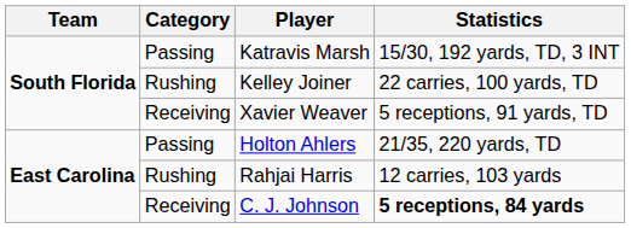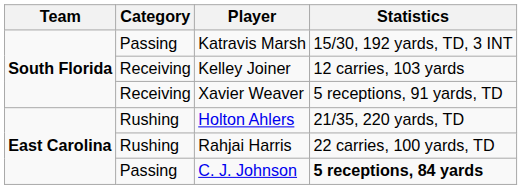 <table class="wikitable" style="float: left;">
 <tr>
 <th>Team</th>
 <th>Category</th>
 <th>Player</th>
 <th>Statistics</th>
 </tr>
 <tr>
 <td rowspan=3><strong>South Florida</strong></td>
 <td>Passing</td>
 <td>Katravis Marsh</td>
 <td>15/30, 192 yards, TD, 3 INT</td>
 </tr>
 <tr>
-<td>Rushing</td>
+<td>Receiving</td>
 <td>Kelley Joiner</td>
-<td>22 carries, 100 yards, TD</td>
+<td>12 carries, 103 yards</td>
 </tr>
 <tr>
 <td>Receiving</td>
 <td>Xavier Weaver</td>
 <td>5 receptions, 91 yards, TD</td>
 </tr>
 <tr>
 <td rowspan=3><strong>East Carolina</strong></td>
-<td>Passing</td>
+<td>Rushing</td>
 <td><a href='#'>Holton Ahlers</a></td>
 <td>21/35, 220 yards, TD</td>
 </tr>
 <tr>
 <td>Rushing</td>
 <td>Rahjai Harris</td>
-<td>12 carries, 103 yards</td>
+<td>22 carries, 100 yards, TD</td>
 </tr>
 <tr>
-<td>Receiving</td>
+<td>Passing</td>
 <td><a href='#'>C. J. Johnson</a></td>
 <td><strong>5 receptions, 84 yards</strong></td>
 </tr>
 </table>
